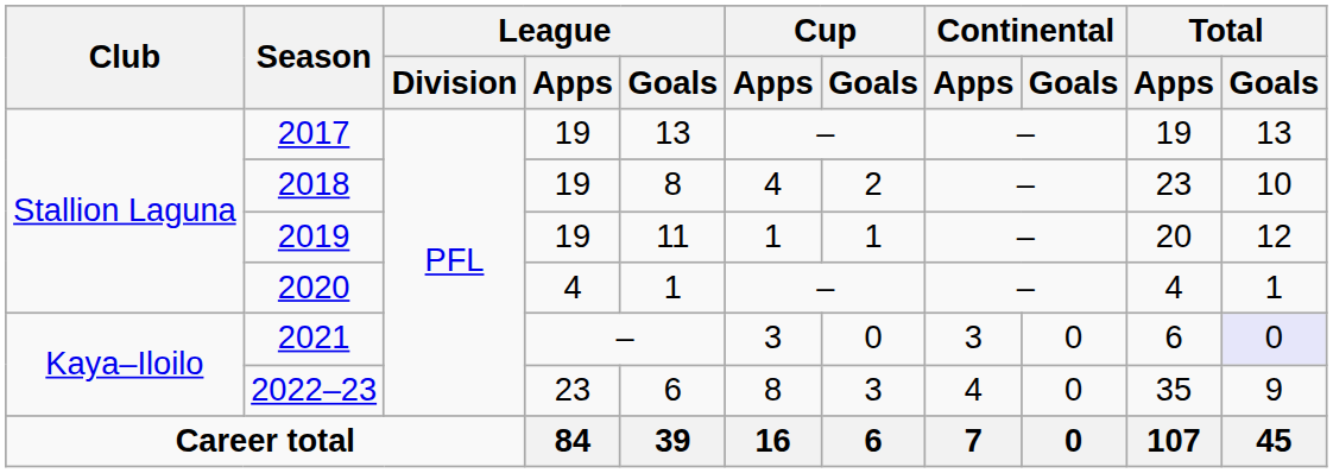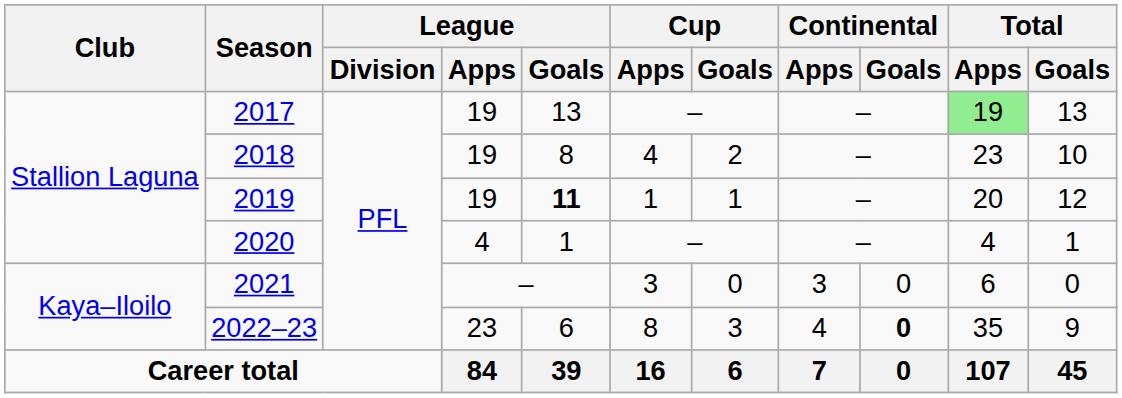 <table class="wikitable" style="text-align: center">
 <tr>
 <th rowspan="2">Club</th>
 <th rowspan="2">Season</th>
 <th colspan="3">League</th>
 <th colspan="2">Cup</th>
 <th colspan="2">Continental</th>
 <th colspan="2">Total</th>
 </tr>
 <tr>
 <th>Division</th>
 <th>Apps</th>
 <th>Goals</th>
 <th>Apps</th>
 <th>Goals</th>
 <th>Apps</th>
 <th>Goals</th>
 <th>Apps</th>
 <th>Goals</th>
 </tr>
 <tr>
 <td rowspan="4"><a href='#'>Stallion Laguna</a></td>
 <td><a href='#'>2017</a></td>
 <td rowspan="6"><a href='#'>PFL</a></td>
 <td>19</td>
 <td>13</td>
 <td colspan="2">–</td>
 <td colspan="2">–</td>
-<td>19</td>
+<td style="background: lightgreen;">19</td>
 <td>13</td>
 </tr>
 <tr>
 <td><a href='#'>2018</a></td>
 <td>19</td>
 <td>8</td>
 <td>4</td>
 <td>2</td>
 <td colspan="2">–</td>
 <td>23</td>
 <td>10</td>
 </tr>
 <tr>
 <td><a href='#'>2019</a></td>
 <td>19</td>
-<td>11</td>
+<td><strong>11</strong></td>
 <td>1</td>
 <td>1</td>
 <td colspan="2">–</td>
 <td>20</td>
 <td>12</td>
 </tr>
 <tr>
 <td><a href='#'>2020</a></td>
 <td>4</td>
 <td>1</td>
 <td colspan="2">–</td>
 <td colspan="2">–</td>
 <td>4</td>
 <td>1</td>
 </tr>
 <tr>
 <td rowspan="2"><a href='#'>Kaya–Iloilo</a></td>
 <td><a href='#'>2021</a></td>
 <td colspan="2">–</td>
 <td>3</td>
 <td>0</td>
 <td>3</td>
 <td>0</td>
 <td>6</td>
-<td style="background: lavender;">0</td>
+<td>0</td>
 </tr>
 <tr>
 <td><a href='#'>2022–23</a></td>
 <td>23</td>
 <td>6</td>
 <td>8</td>
 <td>3</td>
 <td>4</td>
-<td>0</td>
+<td><strong>0</strong></td>
 <td>35</td>
 <td>9</td>
 </tr>
 <tr>
 <td colspan="3"><strong>Career total</strong></td>
 <th>84</th>
 <th>39</th>
 <th>16</th>
 <th>6</th>
 <th>7</th>
 <th>0</th>
 <th>107</th>
 <th>45</th>
 </tr>
 </table>
